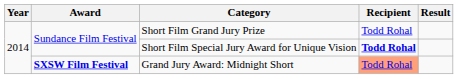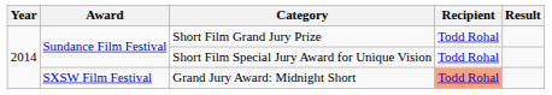 <table class="wikitable sortable" style="margin:1em auto;">
 <tr>
 <th>Year</th>
 <th>Award</th>
 <th>Category</th>
 <th>Recipient</th>
 <th>Result</th>
 </tr>
 <tr>
 <td rowspan="3">2014</td>
 <td rowspan="2"><a href='#'>Sundance Film Festival</a></td>
 <td>Short Film Grand Jury Prize</td>
 <td><a href='#'>Todd Rohal</a></td>
 <td></td>
 </tr>
 <tr>
 <td>Short Film Special Jury Award for Unique Vision</td>
-<td><strong><a href='#'>Todd Rohal</a></strong></td>
+<td><a href='#'>Todd Rohal</a></td>
 <td></td>
 </tr>
 <tr>
-<td><strong><a href='#'>SXSW Film Festival</a></strong></td>
+<td><a href='#'>SXSW Film Festival</a></td>
 <td>Grand Jury Award: Midnight Short</td>
 <td style="background: lightsalmon;"><a href='#'>Todd Rohal</a></td>
 <td></td>
 </tr>
 </table>
